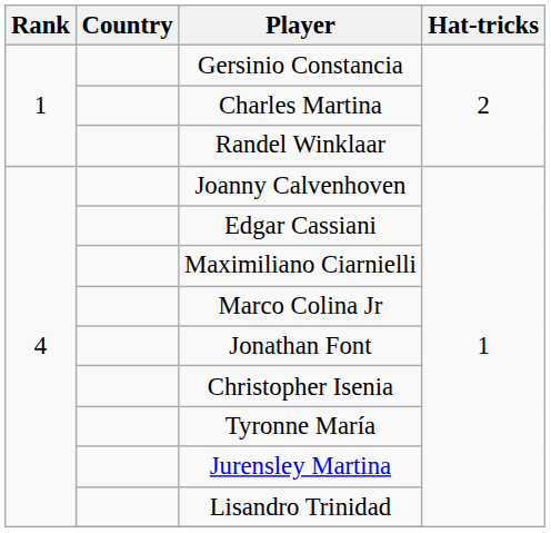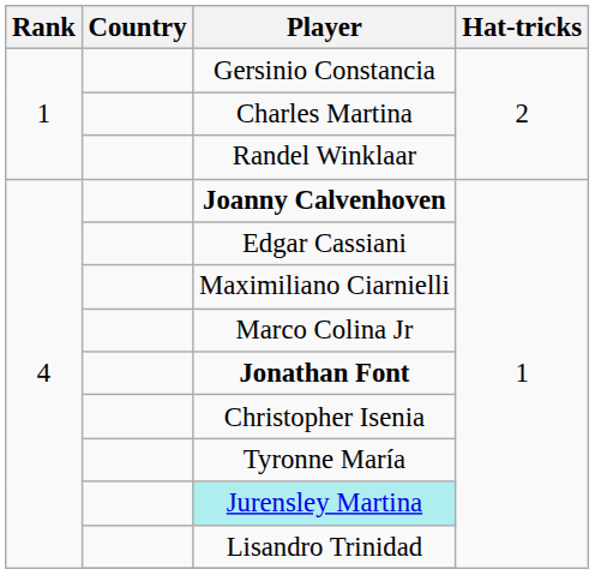 <table class="wikitable" style="text-align:center;">
 <tr>
 <th>Rank</th>
 <th>Country</th>
 <th>Player</th>
 <th>Hat-tricks</th>
 </tr>
 <tr>
 <td rowspan=3>1</td>
 <td></td>
 <td>Gersinio Constancia</td>
 <td rowspan=3>2</td>
 </tr>
 <tr>
 <td></td>
 <td>Charles Martina</td>
 </tr>
 <tr>
 <td></td>
 <td>Randel Winklaar</td>
 </tr>
 <tr>
 <td rowspan=15>4</td>
 <td></td>
-<td>Joanny Calvenhoven</td>
+<td><strong>Joanny Calvenhoven</strong></td>
 <td rowspan=15>1</td>
 </tr>
 <tr>
 <td></td>
 <td>Edgar Cassiani</td>
 </tr>
 <tr>
 <td></td>
 <td>Maximiliano Ciarnielli</td>
 </tr>
 <tr>
 <td></td>
 <td>Marco Colina Jr</td>
 </tr>
 <tr>
 <td></td>
-<td>Jonathan Font</td>
+<td><strong>Jonathan Font</strong></td>
 </tr>
 <tr>
 <td></td>
 <td>Christopher Isenia</td>
 </tr>
 <tr>
 <td></td>
 <td>Tyronne María</td>
 </tr>
 <tr>
 <td></td>
-<td><a href='#'>Jurensley Martina</a></td>
+<td style="background: paleturquoise;"><a href='#'>Jurensley Martina</a></td>
 </tr>
 <tr>
 <td></td>
 <td>Lisandro Trinidad</td>
 </tr>
 <tr>
 </tr>
 </table>
